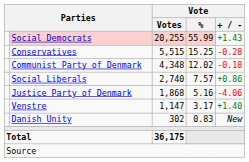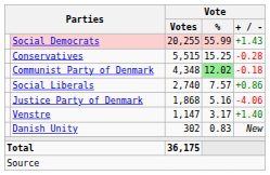 <table class="wikitable" style="text-align:right;">
 <tr>
 <th style="text-align:centre;" rowspan="2" colspan="2" width="225">Parties</th>
 <th colspan="3">Vote</th>
 </tr>
 <tr>
 <th width="15">Votes</th>
 <th width="15">%</th>
 <th width="15">+ / -</th>
 </tr>
 <tr>
 <td width="2" style="color:inherit;background:"></td>
 <td bgcolor=#fbd0ce  align="left"><a href='#'>Social Democrats</a></td>
 <td bgcolor=#fbd0ce>20,255</td>
 <td bgcolor=#fbd0ce>55.99</td>
 <td style=color:green;>+1.43</td>
 </tr>
 <tr>
 <td width="2" style="color:inherit;background:"></td>
 <td align="left"><a href='#'>Conservatives</a></td>
 <td>5,515</td>
 <td>15.25</td>
 <td style=color:red;>-0.28</td>
 </tr>
 <tr>
 <td width="2" style="color:inherit;background:"></td>
 <td align="left"><a href='#'>Communist Party of Denmark</a></td>
 <td>4,348</td>
-<td>12.02</td>
+<td style="background: lightgreen;">12.02</td>
 <td style=color:red;>-0.18</td>
 </tr>
 <tr>
 <td width="2" style="color:inherit;background:"></td>
 <td align="left"><a href='#'>Social Liberals</a></td>
 <td>2,740</td>
 <td>7.57</td>
 <td style=color:green;>+0.86</td>
 </tr>
 <tr>
 <td width="2" style="color:inherit;background:"></td>
 <td align="left"><a href='#'>Justice Party of Denmark</a></td>
 <td>1,868</td>
 <td>5.16</td>
 <td style=color:red;>-4.06</td>
 </tr>
 <tr>
 <td width="2" style="color:inherit;background:"></td>
 <td align="left"><a href='#'>Venstre</a></td>
 <td>1,147</td>
 <td>3.17</td>
 <td style=color:green;>+1.40</td>
 </tr>
 <tr>
 <td width="2" style="color:inherit;background:"></td>
 <td align="left"><a href='#'>Danish Unity</a></td>
 <td>302</td>
 <td>0.83</td>
 <td><em>New</em></td>
 </tr>
 <tr>
 <td colspan="7" bgcolor="#E9E9E9"></td>
 </tr>
 <tr>
 <td align="left" colspan="2"><strong>Total</strong></td>
 <td><strong>36,175</strong></td>
 <td bgcolor="#E9E9E9" colspan="2"></td>
 </tr>
 <tr>
 <td align="left" colspan="6">Source</td>
 </tr>
 </table>
